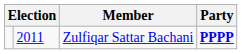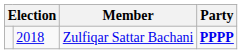 <table class="wikitable">
 <tr>
 <th colspan="2">Election</th>
 <th>Member</th>
 <th>Party</th>
 </tr>
 <tr>
 <td style="background-color: "></td>
-<td><a href='#'>2011</a></td>
+<td><a href='#'>2018</a></td>
 <td><a href='#'>Zulfiqar Sattar Bachani</a></td>
 <td><strong><a href='#'>PPPP</a></strong></td>
 </tr>
 </table>
